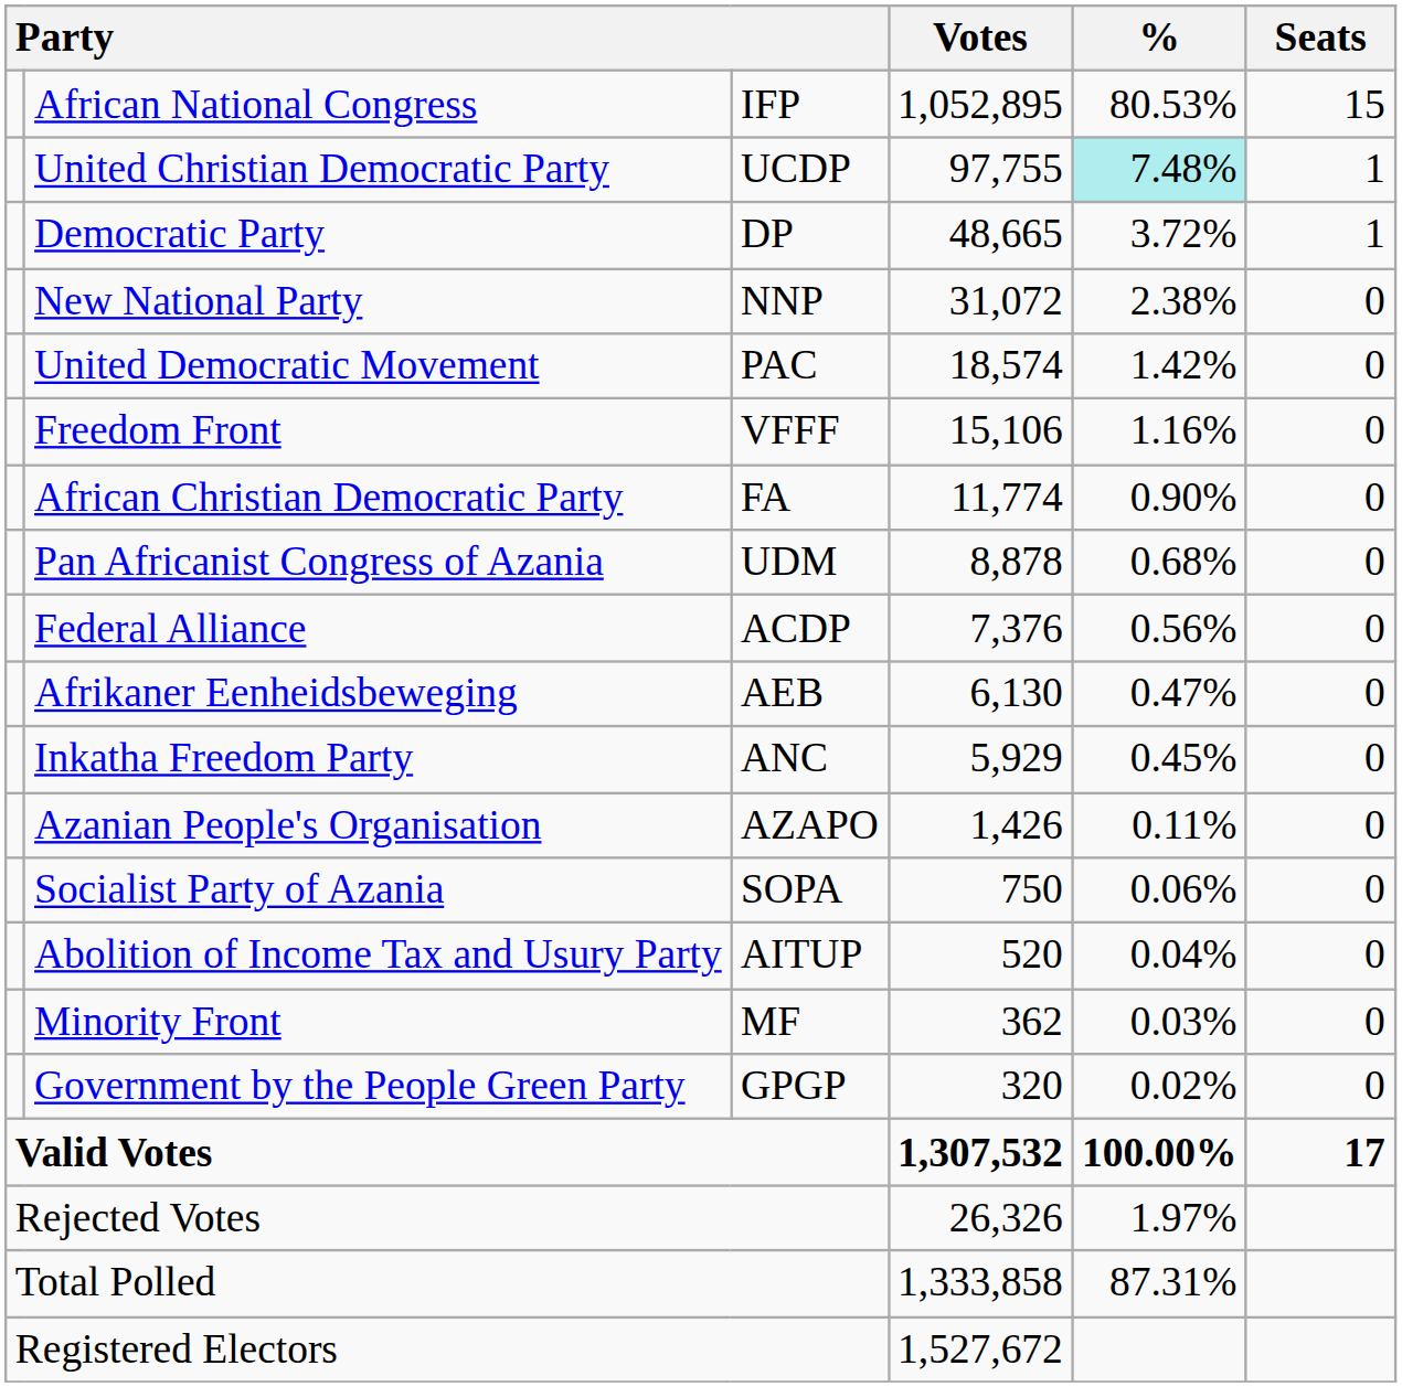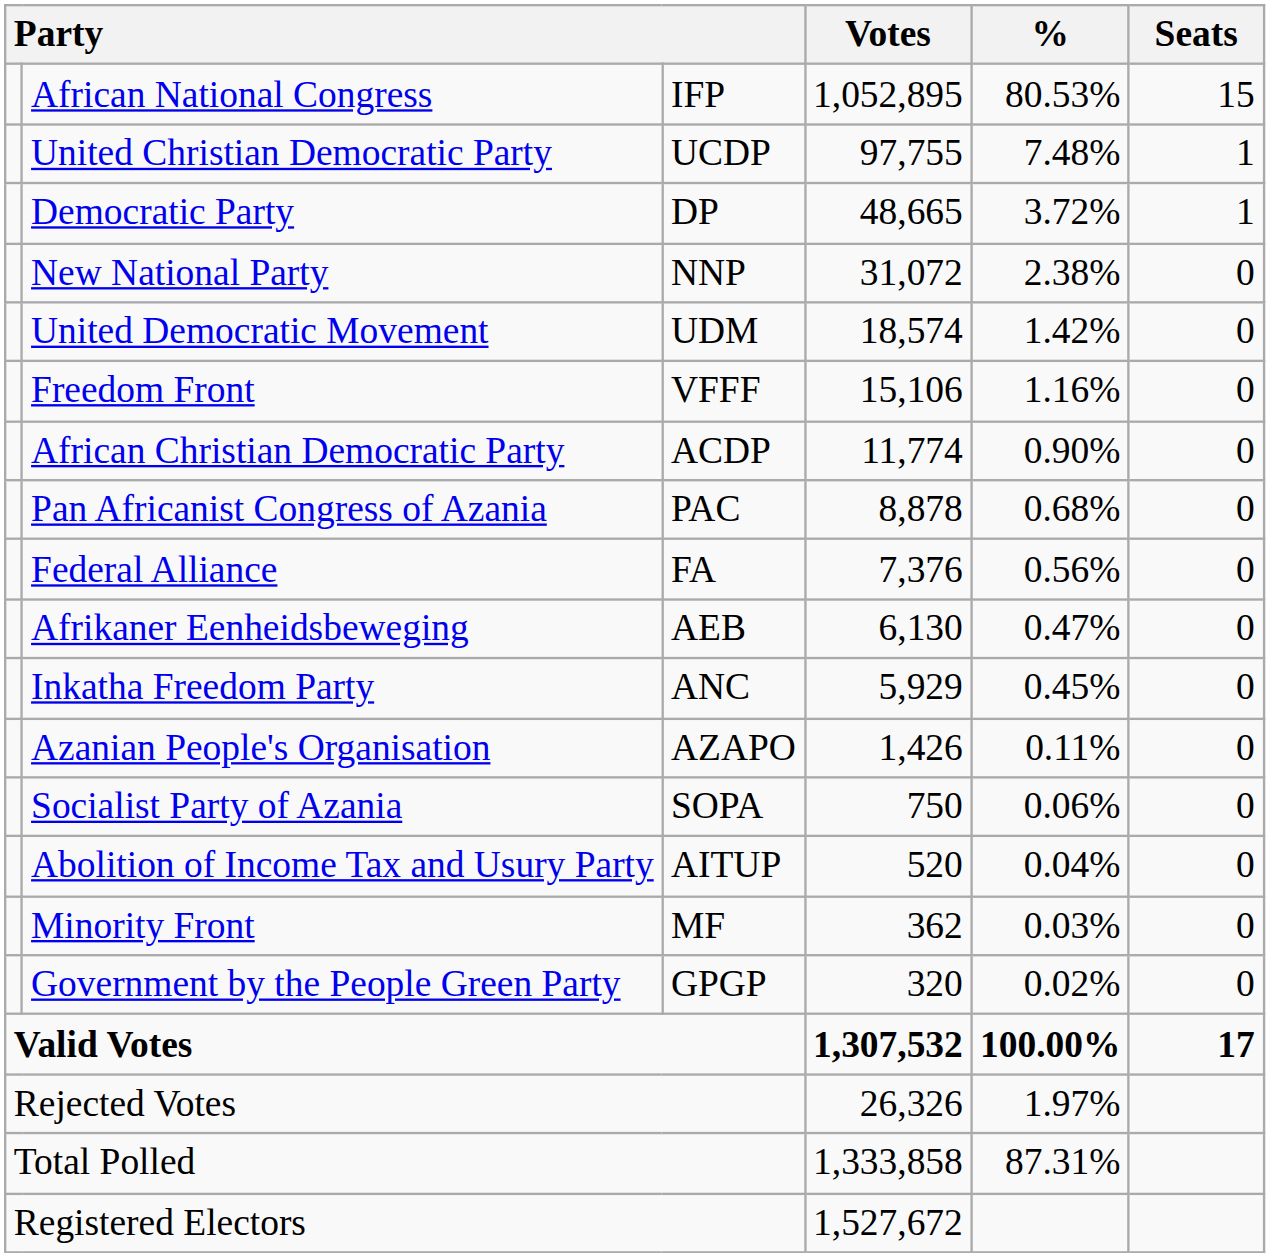 <table class="wikitable" border="1" style="text-align:right;">
 <tr>
 <th style="text-align:left;" colspan=3>Party</th>
 <th align=center width="50">Votes</th>
 <th align=center width="50">%</th>
 <th align=center width="50">Seats</th>
 </tr>
 <tr>
 <td style="background:"></td>
 <td align=left><a href='#'>African National Congress</a></td>
 <td align=left>IFP</td>
 <td>1,052,895</td>
 <td>80.53%</td>
 <td>15</td>
 </tr>
 <tr>
 <td style="background:"></td>
 <td align=left><a href='#'>United Christian Democratic Party</a></td>
 <td align=left>UCDP</td>
 <td>97,755</td>
-<td style="background: paleturquoise;">7.48%</td>
+<td>7.48%</td>
 <td>1</td>
 </tr>
 <tr>
 <td style="background:"></td>
 <td align=left><a href='#'>Democratic Party</a></td>
 <td align=left>DP</td>
 <td>48,665</td>
 <td>3.72%</td>
 <td>1</td>
 </tr>
 <tr>
 <td style="background:"></td>
 <td align=left><a href='#'>New National Party</a></td>
 <td align=left>NNP</td>
 <td>31,072</td>
 <td>2.38%</td>
 <td>0</td>
 </tr>
 <tr>
 <td style="background:"></td>
 <td align=left><a href='#'>United Democratic Movement</a></td>
-<td align=left>PAC</td>
+<td align=left>UDM</td>
 <td>18,574</td>
 <td>1.42%</td>
 <td>0</td>
 </tr>
 <tr>
 <td style="background:"></td>
 <td align=left><a href='#'>Freedom Front</a></td>
 <td align=left>VFFF</td>
 <td>15,106</td>
 <td>1.16%</td>
 <td>0</td>
 </tr>
 <tr>
 <td style="background:"></td>
 <td align=left><a href='#'>African Christian Democratic Party</a></td>
-<td align=left>FA</td>
+<td align=left>ACDP</td>
 <td>11,774</td>
 <td>0.90%</td>
 <td>0</td>
 </tr>
 <tr>
 <td style="background:"></td>
 <td align=left><a href='#'>Pan Africanist Congress of Azania</a></td>
-<td align=left>UDM</td>
+<td align=left>PAC</td>
 <td>8,878</td>
 <td>0.68%</td>
 <td>0</td>
 </tr>
 <tr>
 <td></td>
 <td align=left><a href='#'>Federal Alliance</a></td>
-<td align=left>ACDP</td>
+<td align=left>FA</td>
 <td>7,376</td>
 <td>0.56%</td>
 <td>0</td>
 </tr>
 <tr>
 <td></td>
 <td align=left><a href='#'>Afrikaner Eenheidsbeweging</a></td>
 <td align=left>AEB</td>
 <td>6,130</td>
 <td>0.47%</td>
 <td>0</td>
 </tr>
 <tr>
 <td style="background:"></td>
 <td align=left><a href='#'>Inkatha Freedom Party</a></td>
 <td align=left>ANC</td>
 <td>5,929</td>
 <td>0.45%</td>
 <td>0</td>
 </tr>
 <tr>
 <td style="background:"></td>
 <td align=left><a href='#'>Azanian People's Organisation</a></td>
 <td align=left>AZAPO</td>
 <td>1,426</td>
 <td>0.11%</td>
 <td>0</td>
 </tr>
 <tr>
 <td style="background:"></td>
 <td align=left><a href='#'>Socialist Party of Azania</a></td>
 <td align=left>SOPA</td>
 <td>750</td>
 <td>0.06%</td>
 <td>0</td>
 </tr>
 <tr>
 <td style="background:"></td>
 <td align=left><a href='#'>Abolition of Income Tax and Usury Party</a></td>
 <td align=left>AITUP</td>
 <td>520</td>
 <td>0.04%</td>
 <td>0</td>
 </tr>
 <tr>
 <td style="background:"></td>
 <td align=left><a href='#'>Minority Front</a></td>
 <td align=left>MF</td>
 <td>362</td>
 <td>0.03%</td>
 <td>0</td>
 </tr>
 <tr>
 <td style="background:"></td>
 <td align=left><a href='#'>Government by the People Green Party</a></td>
 <td align=left>GPGP</td>
 <td>320</td>
 <td>0.02%</td>
 <td>0</td>
 </tr>
 <tr style="font-weight:bold">
 <td align=left colspan=3>Valid Votes</td>
 <td>1,307,532</td>
 <td>100.00%</td>
 <td>17</td>
 </tr>
 <tr>
 <td align=left colspan=3>Rejected Votes</td>
 <td>26,326</td>
 <td>1.97%</td>
 <td></td>
 </tr>
 <tr>
 <td align=left colspan=3>Total Polled</td>
 <td>1,333,858</td>
 <td>87.31%</td>
 <td></td>
 </tr>
 <tr>
 <td align=left colspan=3>Registered Electors</td>
 <td>1,527,672</td>
 <td></td>
 <td></td>
 </tr>
 </table>
